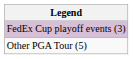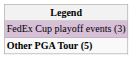 <table class="wikitable" style="font-size:95%;">
 <tr>
 <th>Legend</th>
 </tr>
 <tr style="background:thistle;">
 <td>FedEx Cup playoff events (3)</td>
 </tr>
 <tr>
-<td>Other PGA Tour (5)</td>
+<td><strong>Other PGA Tour (5)</strong></td>
 </tr>
 </table>
